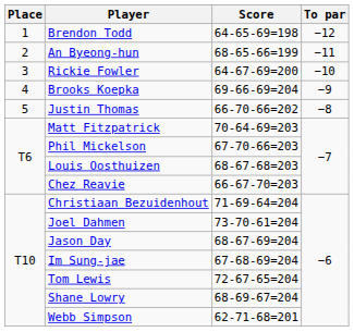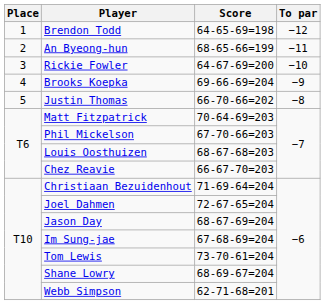 <table class="wikitable">
 <tr>
 <th>Place</th>
 <th>Player</th>
 <th>Score</th>
 <th>To par</th>
 </tr>
 <tr>
 <td align=center>1</td>
 <td> <a href='#'>Brendon Todd</a></td>
 <td>64-65-69=198</td>
 <td align=center>−12</td>
 </tr>
 <tr>
 <td align=center>2</td>
 <td> <a href='#'>An Byeong-hun</a></td>
 <td>68-65-66=199</td>
 <td align=center>−11</td>
 </tr>
 <tr>
 <td align=center>3</td>
 <td> <a href='#'>Rickie Fowler</a></td>
 <td>64-67-69=200</td>
 <td align=center>−10</td>
 </tr>
 <tr>
 <td align=center>4</td>
 <td> <a href='#'>Brooks Koepka</a></td>
 <td>69-66-69=204</td>
 <td align=center>−9</td>
 </tr>
 <tr>
 <td align=center>5</td>
 <td> <a href='#'>Justin Thomas</a></td>
 <td>66-70-66=202</td>
 <td align=center>−8</td>
 </tr>
 <tr>
 <td rowspan=4 align=center>T6</td>
 <td> <a href='#'>Matt Fitzpatrick</a></td>
 <td>70-64-69=203</td>
 <td rowspan=4 align=center>−7</td>
 </tr>
 <tr>
 <td> <a href='#'>Phil Mickelson</a></td>
 <td>67-70-66=203</td>
 </tr>
 <tr>
 <td> <a href='#'>Louis Oosthuizen</a></td>
 <td>68-67-68=203</td>
 </tr>
 <tr>
 <td> <a href='#'>Chez Reavie</a></td>
 <td>66-67-70=203</td>
 </tr>
 <tr>
 <td rowspan=7 align=center>T10</td>
 <td> <a href='#'>Christiaan Bezuidenhout</a></td>
 <td>71-69-64=204</td>
 <td rowspan=7 align=center>−6</td>
 </tr>
 <tr>
 <td> <a href='#'>Joel Dahmen</a></td>
-<td>73-70-61=204</td>
+<td>72-67-65=204</td>
 </tr>
 <tr>
 <td> <a href='#'>Jason Day</a></td>
 <td>68-67-69=204</td>
 </tr>
 <tr>
 <td> <a href='#'>Im Sung-jae</a></td>
 <td>67-68-69=204</td>
 </tr>
 <tr>
 <td> <a href='#'>Tom Lewis</a></td>
-<td>72-67-65=204</td>
+<td>73-70-61=204</td>
 </tr>
 <tr>
 <td> <a href='#'>Shane Lowry</a></td>
 <td>68-69-67=204</td>
 </tr>
 <tr>
 <td> <a href='#'>Webb Simpson</a></td>
 <td>62-71-68=201</td>
 </tr>
 </table>
